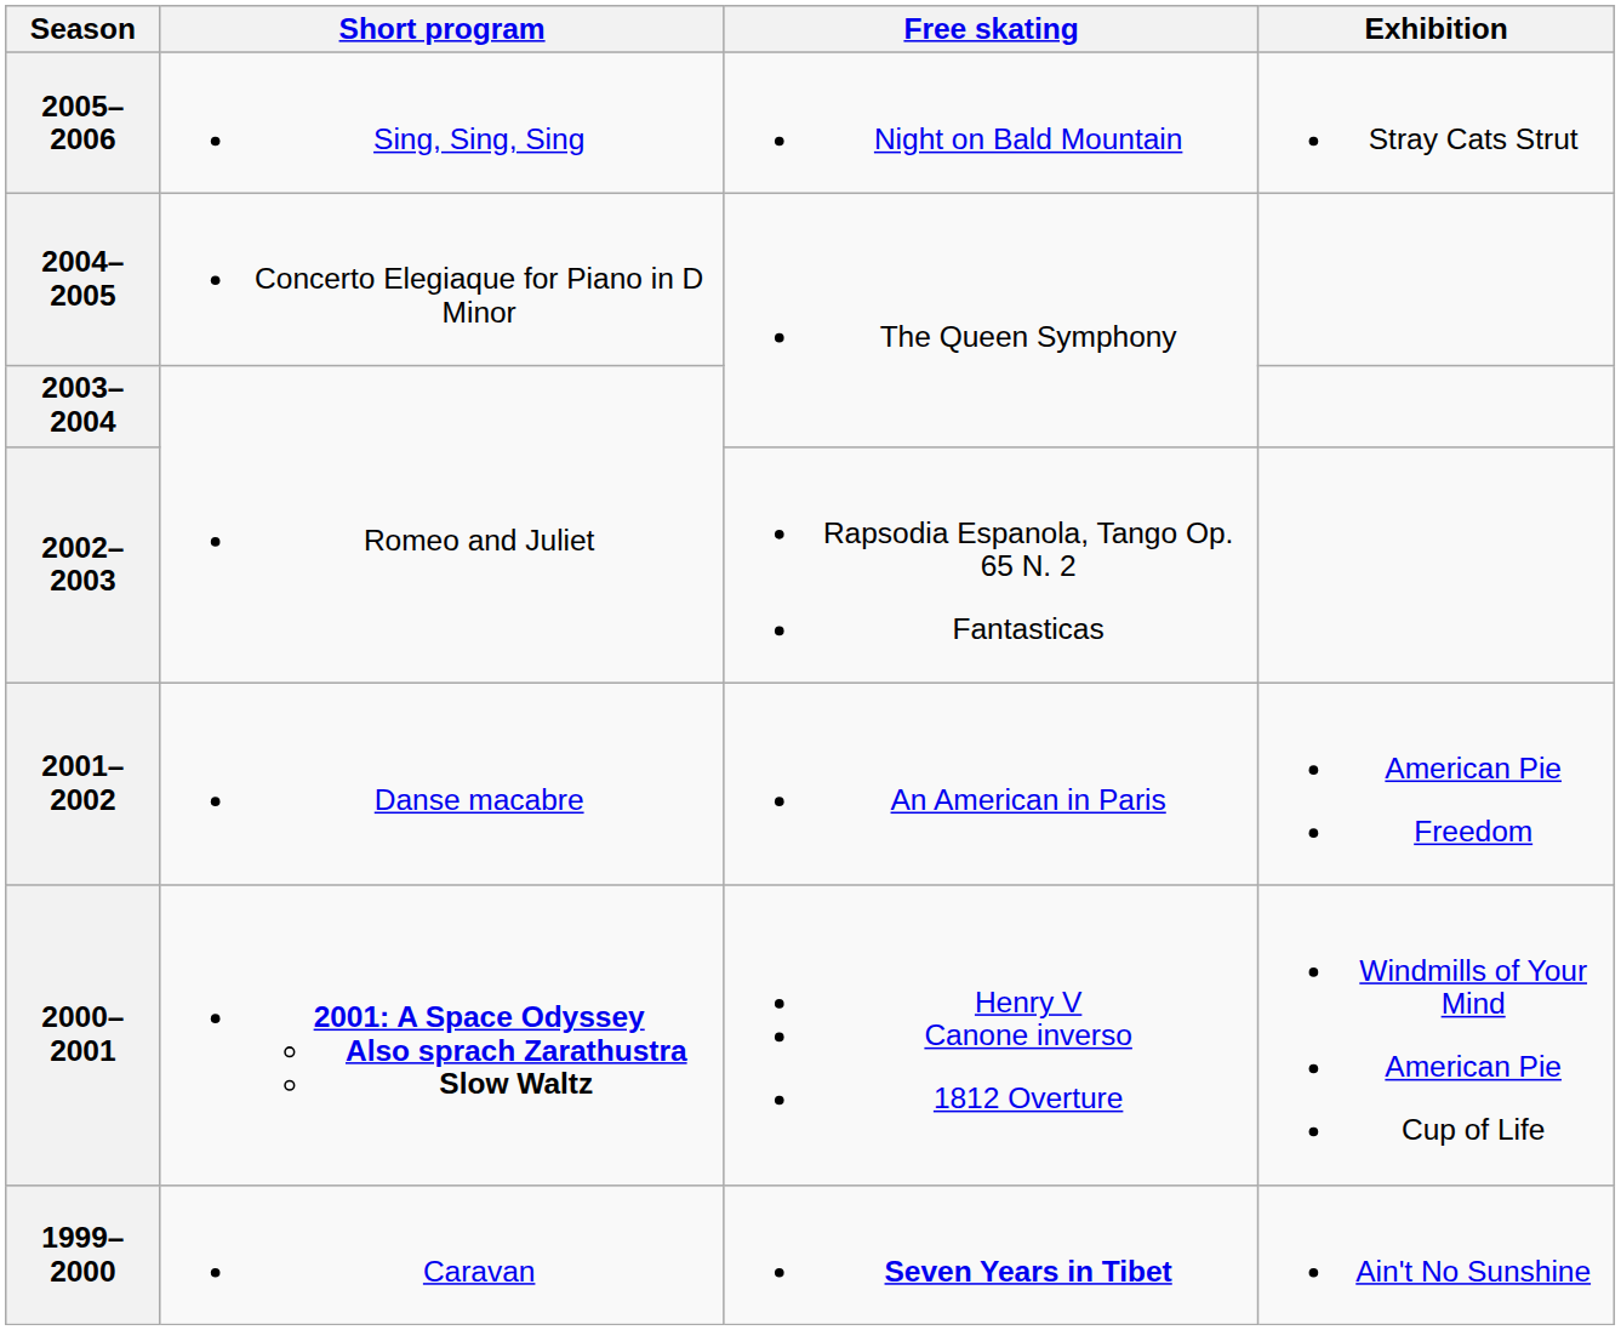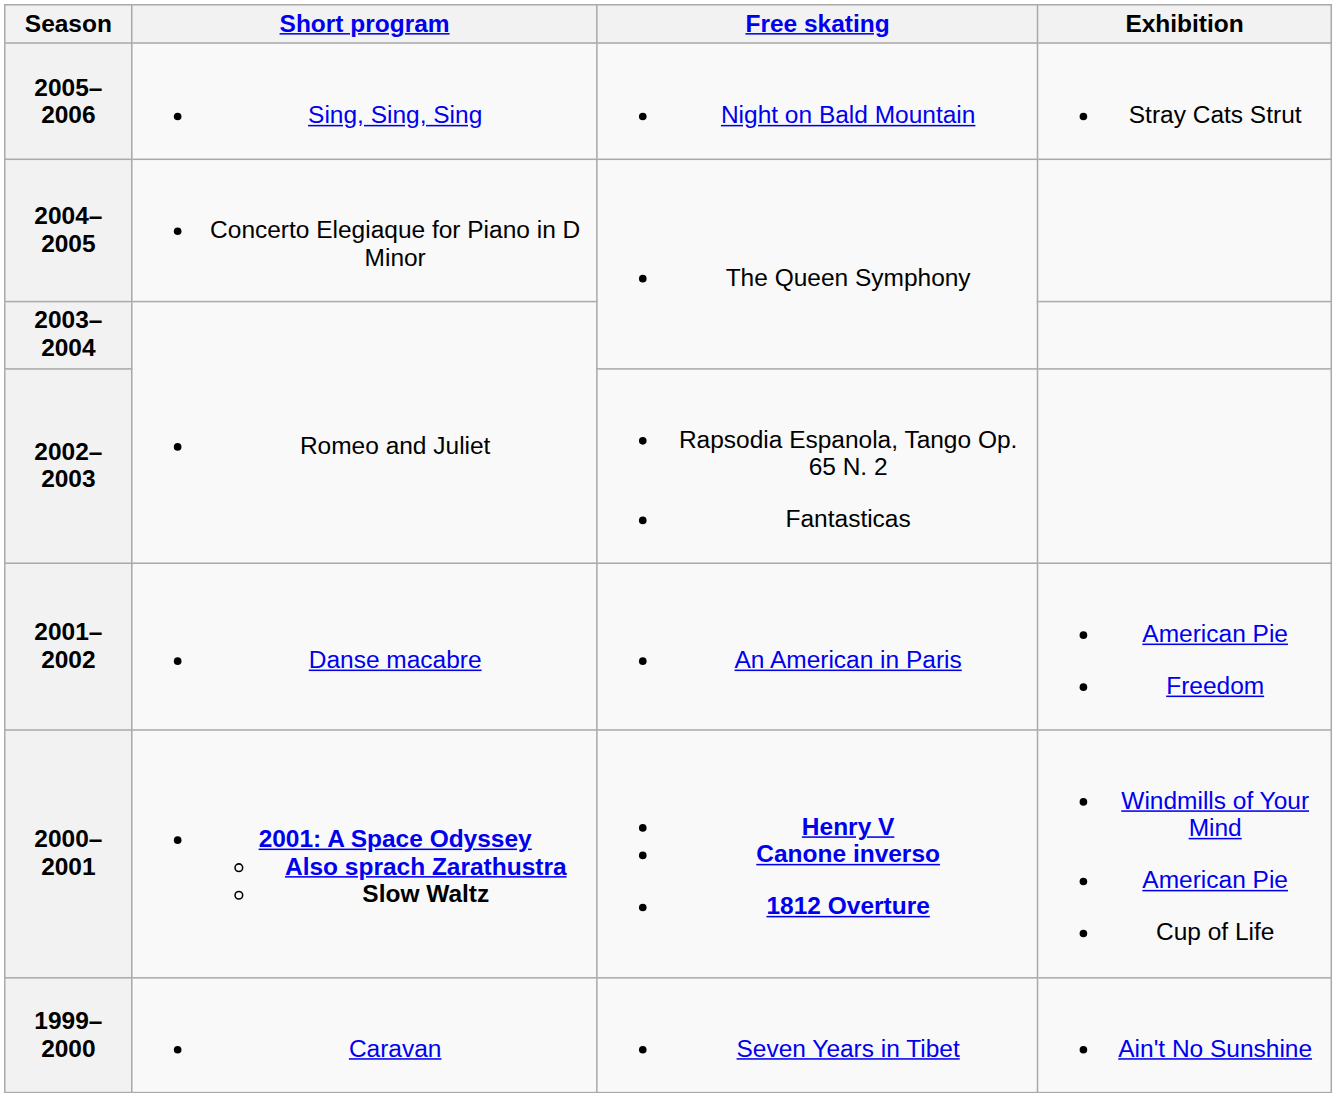 <table class=wikitable style=text-align:center>
 <tr>
 <th>Season</th>
 <th><a href='#'>Short program</a></th>
 <th><a href='#'>Free skating</a></th>
 <th>Exhibition</th>
 </tr>
 <tr>
 <th>2005–2006 <br></th>
 <td><br><ul><li><a href='#'>Sing, Sing, Sing</a> <br></li></ul></td>
 <td><br><ul><li><a href='#'>Night on Bald Mountain</a> <br></li></ul></td>
 <td><br><ul><li>Stray Cats Strut <br></li></ul></td>
 </tr>
 <tr>
 <th>2004–2005 <br></th>
 <td><br><ul><li>Concerto Elegiaque for Piano in D Minor <br></li></ul></td>
 <td rowspan="2"><br><ul><li>The Queen Symphony <br></li></ul></td>
 <td></td>
 </tr>
 <tr>
 <th>2003–2004 <br></th>
 <td rowspan="2"><br><ul><li>Romeo and Juliet <br></li></ul></td>
 <td></td>
 </tr>
 <tr>
 <th>2002–2003 <br></th>
 <td><br><ul><li>Rapsodia Espanola, Tango Op. 65 N. 2 <br></li></ul><ul><li>Fantasticas <br></li></ul></td>
 <td></td>
 </tr>
 <tr>
 <th>2001–2002 <br></th>
 <td><br><ul><li><a href='#'>Danse macabre</a> <br></li></ul></td>
 <td><br><ul><li><a href='#'>An American in Paris</a> <br></li></ul></td>
 <td><br><ul><li><a href='#'>American Pie</a> <br></li></ul><ul><li><a href='#'>Freedom</a> <br></li></ul></td>
 </tr>
 <tr>
 <th>2000–2001 <br></th>
 <td><strong><br><ul><li><a href='#'>2001: A Space Odyssey</a><ul><li><a href='#'>Also sprach Zarathustra</a> <br></li><li>Slow Waltz</li></ul></li></ul></strong></td>
-<td><br><ul><li><a href='#'>Henry V</a></li><li><a href='#'>Canone inverso</a></li></ul><ul><li><a href='#'>1812 Overture</a> <br></li></ul></td>
+<td><strong><br><ul><li><a href='#'>Henry V</a></li><li><a href='#'>Canone inverso</a></li></ul><ul><li><a href='#'>1812 Overture</a> <br></li></ul></strong></td>
 <td><br><ul><li><a href='#'>Windmills of Your Mind</a> <br></li></ul><ul><li><a href='#'>American Pie</a> <br></li></ul><ul><li>Cup of Life <br></li></ul></td>
 </tr>
 <tr>
 <th>1999–2000</th>
 <td><br><ul><li><a href='#'>Caravan</a> <br></li></ul></td>
-<td><strong><br><ul><li><a href='#'>Seven Years in Tibet</a> <br></li></ul></strong></td>
+<td><br><ul><li><a href='#'>Seven Years in Tibet</a> <br></li></ul></td>
 <td><br><ul><li><a href='#'>Ain't No Sunshine</a> <br></li></ul></td>
 </tr>
 </table>
